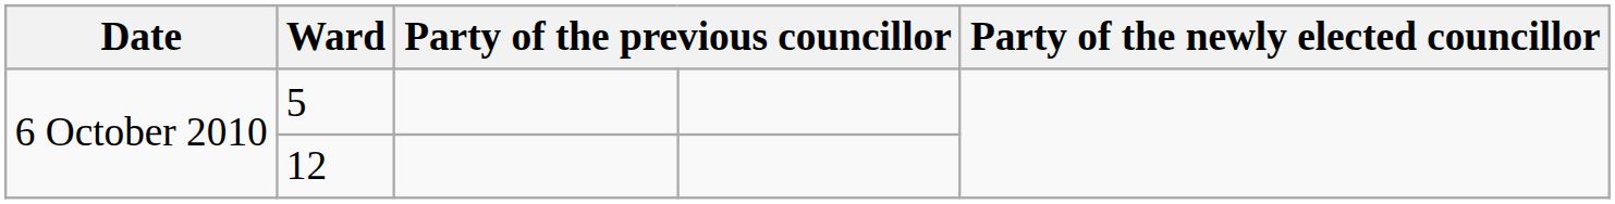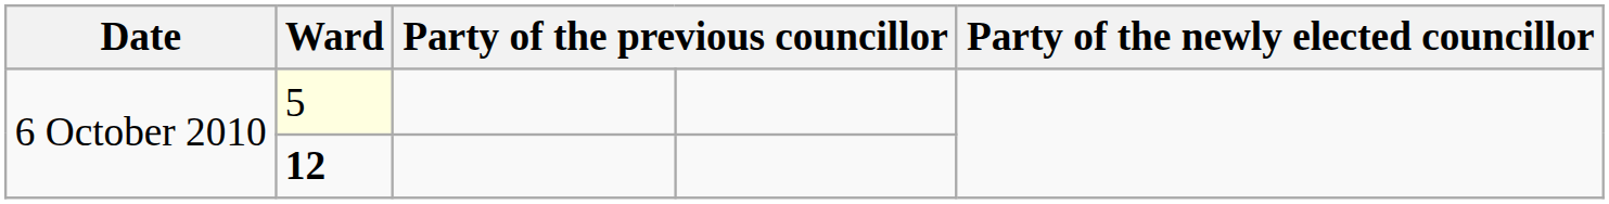 <table class="wikitable">
 <tr>
 <th>Date</th>
 <th>Ward</th>
 <th colspan=2>Party of the previous councillor</th>
 <th colspan=2>Party of the newly elected councillor</th>
 </tr>
 <tr>
 <td rowspan=2>6 October 2010</td>
-<td>5</td>
+<td style="background: lightyellow;">5</td>
 <td></td>
 <td></td>
 </tr>
 <tr>
-<td>12</td>
+<td><strong>12</strong></td>
 <td></td>
 <td></td>
 </tr>
 </table>
